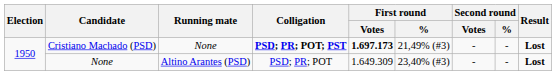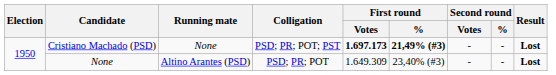 <table class="wikitable" style="text-align:center">
 <tr>
 <th rowspan="2">Election</th>
 <th rowspan="2">Candidate</th>
 <th rowspan="2">Running mate</th>
 <th rowspan="2">Colligation</th>
 <th colspan="2">First round</th>
 <th colspan="2">Second round</th>
 <th rowspan="2">Result</th>
 </tr>
 <tr>
 <th>Votes</th>
 <th>%</th>
 <th>Votes</th>
 <th>%</th>
 </tr>
 <tr>
 <td rowspan="2"><a href='#'>1950</a></td>
 <td><a href='#'>Cristiano Machado</a> (<a href='#'>PSD</a>)</td>
 <td><em>None</em></td>
-<td><strong><a href='#'>PSD</a>; <a href='#'>PR</a>; POT; <a href='#'>PST</a></strong></td>
+<td><a href='#'>PSD</a>; <a href='#'>PR</a>; POT; <a href='#'>PST</a></td>
 <td><strong>1.697.173</strong></td>
-<td>21,49% (#3)</td>
+<td><strong>21,49% (#3)</strong></td>
 <td>-</td>
 <td>-</td>
 <td><strong>Lost</strong> </td>
 </tr>
 <tr>
 <td><em>None</em></td>
 <td><a href='#'>Altino Arantes</a> (<a href='#'>PSD</a>)</td>
 <td><a href='#'>PSD</a>; <a href='#'>PR</a>; POT</td>
 <td>1.649.309</td>
 <td>23,40% (#3)</td>
 <td>-</td>
 <td>-</td>
 <td><strong>Lost</strong> </td>
 </tr>
 </table>
